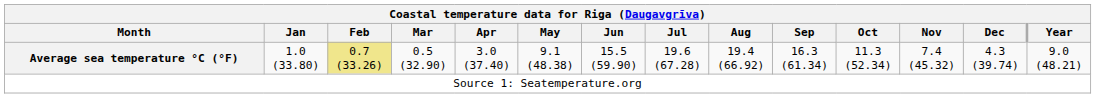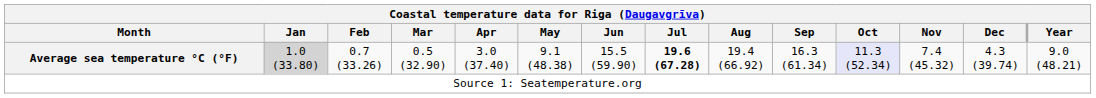 <table style="width:100%;text-align:center;line-height:1.2em;margin-left:auto;margin-right:auto" class="wikitable">
 <tr>
 <th Colspan=14>Coastal temperature data for Riga (<a href='#'>Daugavgrīva</a>)</th>
 </tr>
 <tr>
 <th>Month</th>
 <th>Jan</th>
 <th>Feb</th>
 <th>Mar</th>
 <th>Apr</th>
 <th>May</th>
 <th>Jun</th>
 <th>Jul</th>
 <th>Aug</th>
 <th>Sep</th>
 <th>Oct</th>
 <th>Nov</th>
 <th>Dec</th>
 <th style="border-left-width:medium">Year</th>
 </tr>
 <tr>
 <th>Average sea temperature °C (°F)</th>
-<td>1.0<br>(33.80)</td>
-<td style="background: khaki;">0.7<br>(33.26)</td>
+<td style="background: lightgrey;">1.0<br>(33.80)</td>
+<td>0.7<br>(33.26)</td>
 <td>0.5<br>(32.90)</td>
 <td>3.0<br>(37.40)</td>
 <td>9.1<br>(48.38)</td>
 <td>15.5<br>(59.90)</td>
-<td>19.6<br>(67.28)</td>
+<td><strong>19.6<br>(67.28)</strong></td>
 <td>19.4<br>(66.92)</td>
 <td>16.3<br>(61.34)</td>
-<td>11.3<br>(52.34)</td>
+<td style="background: lavender;">11.3<br>(52.34)</td>
 <td>7.4<br>(45.32)</td>
 <td>4.3<br>(39.74)</td>
 <td>9.0<br>(48.21)</td>
 </tr>
 <tr>
 <th Colspan=14 style="background:#ffffff;font-weight:normal;font-size:100%;">Source 1: Seatemperature.org</th>
 </tr>
 </table>
